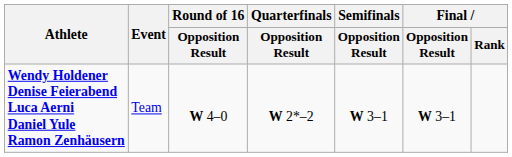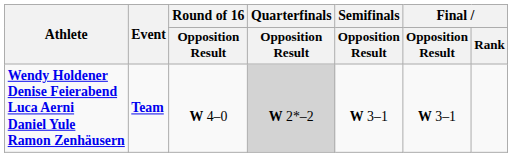 <table class="wikitable" style="font-size:90%">
 <tr>
 <th rowspan="2">Athlete</th>
 <th rowspan="2">Event</th>
 <th>Round of 16</th>
 <th>Quarterfinals</th>
 <th>Semifinals</th>
 <th colspan=2>Final / </th>
 </tr>
 <tr style="font-size:95%">
 <th>Opposition<br>Result</th>
 <th>Opposition<br>Result</th>
 <th>Opposition<br>Result</th>
 <th>Opposition<br>Result</th>
 <th>Rank</th>
 </tr>
 <tr align=center>
 <td align="left"><strong><a href='#'>Wendy Holdener</a><br><a href='#'>Denise Feierabend</a><br><a href='#'>Luca Aerni</a><br><a href='#'>Daniel Yule</a><br><a href='#'>Ramon Zenhäusern</a></strong></td>
-<td align="left"><a href='#'>Team</a></td>
+<td align="left"><strong><a href='#'>Team</a></strong></td>
 <td><br> <strong>W</strong> 4–0</td>
-<td><br> <strong>W</strong> 2*–2</td>
+<td style="background: lightgrey;"><br> <strong>W</strong> 2*–2</td>
 <td><br> <strong>W</strong> 3–1</td>
 <td><br> <strong>W</strong> 3–1</td>
 <td></td>
 </tr>
 </table>
